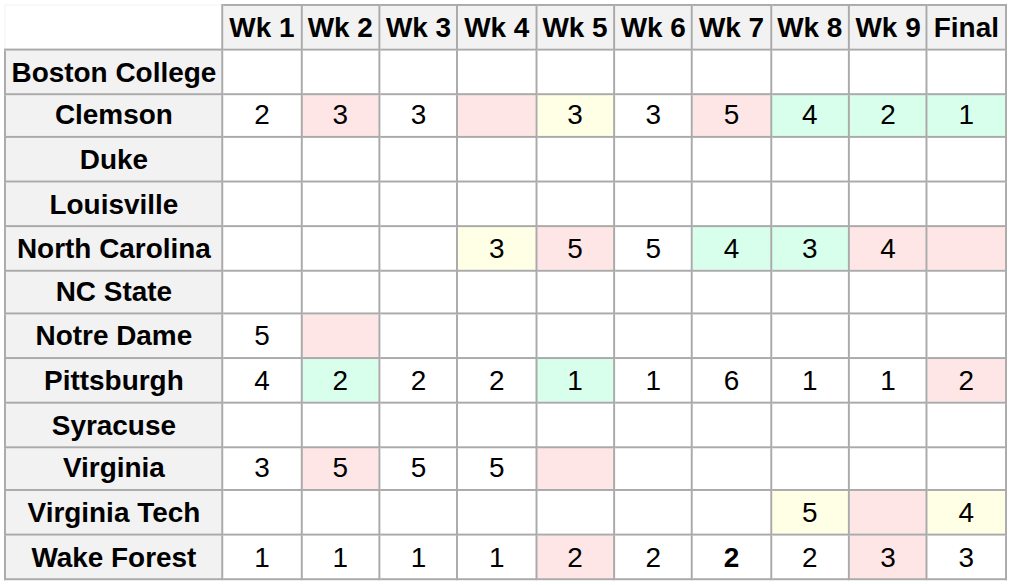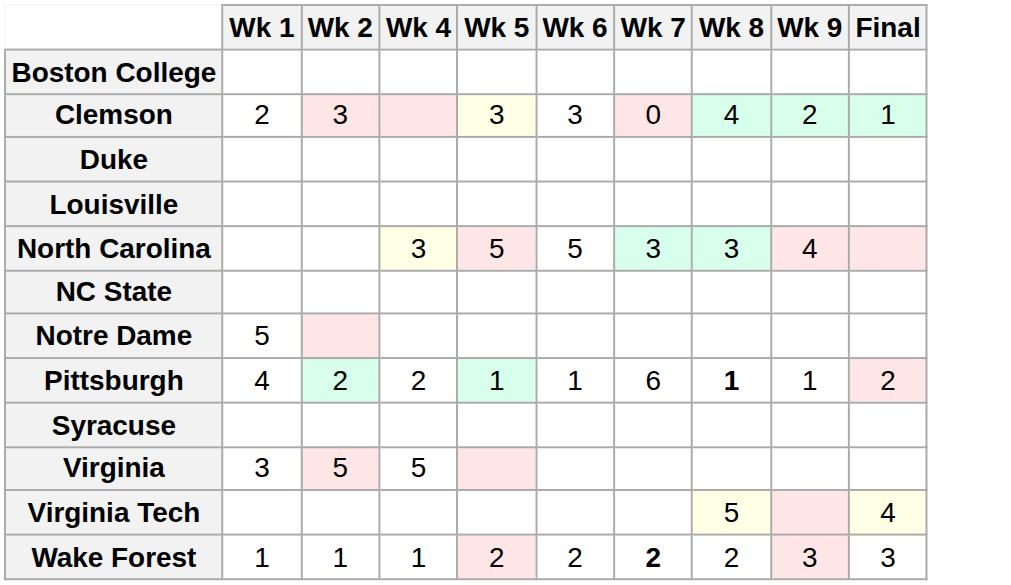 <table class="wikitable" style="white-space:nowrap;font-size:90%;">
 <tr>
 <th colspan=1 style="background:white; border-top-style:hidden; border-left-style:hidden;"> </th>
 <th>Wk 1 <br></th>
 <th>Wk 2 <br></th>
-<th>Wk 3 <br></th>
 <th>Wk 4 <br></th>
 <th>Wk 5 <br></th>
 <th>Wk 6 <br></th>
 <th>Wk 7 <br></th>
 <th>Wk 8 <br></th>
 <th>Wk 9 <br></th>
 <th>Final <br></th>
 </tr>
 <tr style="text-align:center;">
 <th>Boston College</th>
 <td style="background:#FFF;"></td>
 <td style="background:#FFF;"></td>
 <td style="background:#FFF;"></td>
 <td style="background:#FFF;"></td>
 <td style="background:#FFF;"></td>
 <td style="background:#FFF;"></td>
 <td style="background:#FFF;"></td>
 <td style="background:#FFF;"></td>
 <td style="background:#FFF;"></td>
-<td style="background:#FFF;"></td>
 </tr>
 <tr style="text-align:center;">
 <th>Clemson</th>
 <td style="background:#FFF;"> 2</td>
 <td style="background:#FFE6E6;"> 3</td>
-<td style="background:#FFF;"> 3</td>
 <td style="background:#FFE6E6;"></td>
 <td style="background:#FFFFE6;"> 3</td>
 <td style="background:#FFF;"> 3</td>
-<td style="background:#FFE6E6;"> 5</td>
+<td style="background:#FFE6E6;"> 0</td>
 <td style="background:#D8FFEB;"> 4</td>
 <td style="background:#D8FFEB;"> 2</td>
 <td style="background:#D8FFEB;"> 1</td>
 </tr>
 <tr style="text-align:center;">
 <th>Duke</th>
-<td style="background:#FFF;"></td>
 <td style="background:#FFF;"></td>
 <td style="background:#FFF;"></td>
 <td style="background:#FFF;"></td>
 <td style="background:#FFF;"></td>
 <td style="background:#FFF;"></td>
 <td style="background:#FFF;"></td>
 <td style="background:#FFF;"></td>
 <td style="background:#FFF;"></td>
 <td style="background:#FFF;"></td>
 </tr>
 <tr style="text-align:center;">
 <th>Louisville</th>
 <td style="background:#FFF;"></td>
 <td style="background:#FFF;"></td>
 <td style="background:#FFF;"></td>
 <td style="background:#FFF;"></td>
 <td style="background:#FFF;"></td>
 <td style="background:#FFF;"></td>
 <td style="background:#FFF;"></td>
 <td style="background:#FFF;"></td>
 <td style="background:#FFF;"></td>
-<td style="background:#FFF;"></td>
 </tr>
 <tr style="text-align:center;">
 <th>North Carolina</th>
 <td style="background:#FFF;"></td>
 <td style="background:#FFF;"></td>
-<td style="background:#FFF;"></td>
 <td style="background:#FFFFE6;"> 3</td>
 <td style="background:#FFE6E6;"> 5</td>
 <td style="background:#FFF;"> 5</td>
-<td style="background:#D8FFEB;"> 4</td>
+<td style="background:#D8FFEB;"> 3</td>
 <td style="background:#D8FFEB;"> 3</td>
 <td style="background:#FFE6E6;"> 4</td>
 <td style="background:#FFE6E6;"></td>
 </tr>
 <tr style="text-align:center;">
 <th>NC State</th>
-<td style="background:#FFF;"></td>
 <td style="background:#FFF;"></td>
 <td style="background:#FFF;"></td>
 <td style="background:#FFF;"></td>
 <td style="background:#FFF;"></td>
 <td style="background:#FFF;"></td>
 <td style="background:#FFF;"></td>
 <td style="background:#FFF;"></td>
 <td style="background:#FFF;"></td>
 <td style="background:#FFF;"></td>
 </tr>
 <tr style="text-align:center;">
 <th>Notre Dame</th>
 <td style="background:#FFF;"> 5</td>
 <td style="background:#FFE6E6;"></td>
 <td style="background:#FFF;"></td>
 <td style="background:#FFF;"></td>
 <td style="background:#FFF;"></td>
 <td style="background:#FFF;"></td>
 <td style="background:#FFF;"></td>
 <td style="background:#FFF;"></td>
 <td style="background:#FFF;"></td>
-<td style="background:#FFF;"></td>
 </tr>
 <tr style="text-align:center;">
 <th>Pittsburgh</th>
 <td style="background:#FFF;"> 4</td>
 <td style="background:#D8FFEB;"> 2</td>
 <td style="background:#FFF;"> 2</td>
-<td style="background:#FFF;"> 2</td>
 <td style="background:#D8FFEB;"> 1</td>
 <td style="background:#FFF;"> 1</td>
 <td style="background:#FFF;"> 6</td>
-<td style="background:#FFF;"> 1</td>
+<td style="background:#FFF;"><strong> 1</strong></td>
 <td style="background:#FFF;"> 1</td>
 <td style="background:#FFE6E6;"> 2</td>
 </tr>
 <tr style="text-align:center;">
 <th>Syracuse</th>
 <td style="background:#FFF;"></td>
 <td style="background:#FFF;"></td>
 <td style="background:#FFF;"></td>
 <td style="background:#FFF;"></td>
 <td style="background:#FFF;"></td>
 <td style="background:#FFF;"></td>
 <td style="background:#FFF;"></td>
 <td style="background:#FFF;"></td>
 <td style="background:#FFF;"></td>
-<td style="background:#FFF;"></td>
 </tr>
 <tr style="text-align:center;">
 <th>Virginia</th>
 <td style="background:#FFF;"> 3</td>
 <td style="background:#FFE6E6;"> 5</td>
-<td style="background:#FFF;"> 5</td>
 <td style="background:#FFF;"> 5</td>
 <td style="background:#FFE6E6;"></td>
 <td style="background:#FFF;"></td>
 <td style="background:#FFF;"></td>
 <td style="background:#FFF;"></td>
 <td style="background:#FFF;"></td>
 <td style="background:#FFF;"></td>
 </tr>
 <tr style="text-align:center;">
 <th>Virginia Tech</th>
 <td style="background:#FFF;"></td>
 <td style="background:#FFF;"></td>
 <td style="background:#FFF;"></td>
 <td style="background:#FFF;"></td>
 <td style="background:#FFF;"></td>
 <td style="background:#FFF;"></td>
-<td style="background:#FFF;"></td>
 <td style="background:#FFFFE6;"> 5</td>
 <td style="background:#FFE6E6;"></td>
 <td style="background:#FFFFE6;"> 4</td>
 </tr>
 <tr style="text-align:center;">
 <th>Wake Forest</th>
-<td style="background:#FFF;"> 1</td>
 <td style="background:#FFF;"> 1</td>
 <td style="background:#FFF;"> 1</td>
 <td style="background:#FFF;"> 1</td>
 <td style="background:#FFE6E6;"> 2</td>
 <td style="background:#FFF;"> 2</td>
 <td style="background:#FFF;"><strong> 2</strong></td>
 <td style="background:#FFF;"> 2</td>
 <td style="background:#FFE6E6;"> 3</td>
 <td style="background:#FFF;"> 3</td>
 </tr>
 </table>
